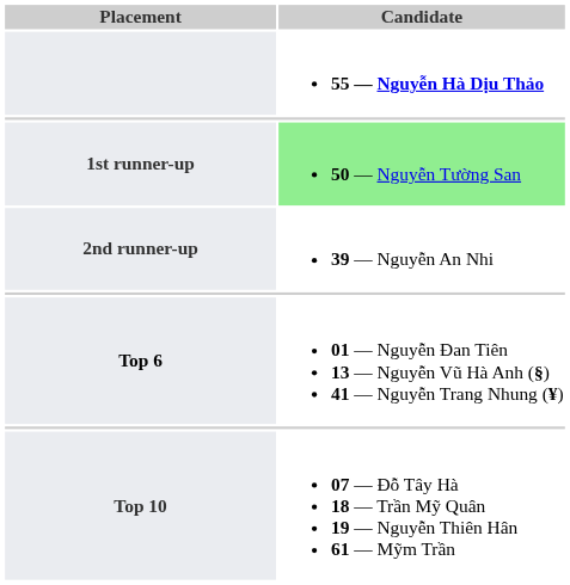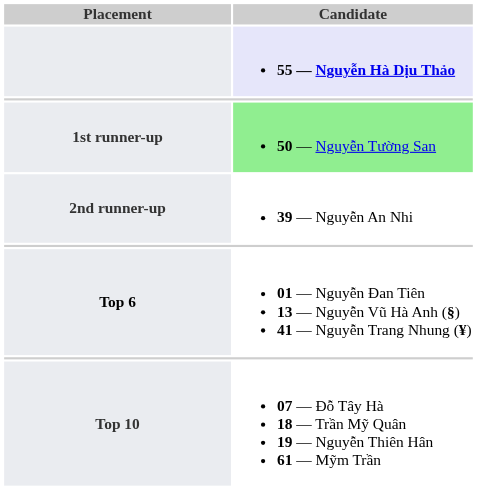 <table class="toccolours" style="font-size: 90%">
 <tr>
 <th width=210px style = "background: #CECECE; color: #333333; text-align:center ">Placement</th>
 <th style = "background: #CECECE; color: #333333; text-align:center">Candidate</th>
 </tr>
 <tr>
 <th style = "background: #eaecf0; color:#333333; text-align:center"></th>
-<td><br><ul><li><strong>55 — <a href='#'>Nguyễn Hà Dịu Thảo</a></strong></li></ul></td>
+<td style="background: lavender;"><br><ul><li><strong>55 — <a href='#'>Nguyễn Hà Dịu Thảo</a></strong></li></ul></td>
 </tr>
 <tr>
 <td colspan="2" style="background:#CECECE"></td>
 </tr>
 <tr>
 <th style = "background: #eaecf0; color:#333333; text-align:center">1st runner-up</th>
 <td style="background: lightgreen;"><br><ul><li><strong>50</strong> — <a href='#'>Nguyễn Tường San</a></li></ul></td>
 </tr>
 <tr>
 <th style = "background: #eaecf0; color:#333333; text-align:center">2nd runner-up</th>
 <td><br><ul><li><strong>39</strong> — Nguyễn An Nhi</li></ul></td>
 </tr>
 <tr>
 <td colspan="2" style="background:#CECECE"></td>
 </tr>
 <tr>
 <th style="background: #eaecf0; color:#3333333; text-align: center">Top 6</th>
 <td><br><ul><li><strong>01</strong> — Nguyễn Đan Tiên</li><li><strong>13</strong> — Nguyễn Vũ Hà Anh (<strong>§</strong>)</li><li><strong>41</strong> — Nguyễn Trang Nhung (<strong>¥</strong>)</li></ul></td>
 </tr>
 <tr>
 <td colspan="2" style="background:#CECECE"></td>
 </tr>
 <tr>
 <th style = "background: #eaecf0; color:#333333; text-align:center">Top 10</th>
 <td><br><ul><li><strong>07</strong> — Đỗ Tây Hà</li><li><strong>18</strong> — Trần Mỹ Quân</li><li><strong>19</strong> — Nguyễn Thiên Hân</li><li><strong>61</strong> — Mỹm Trần</li></ul></td>
 </tr>
 </table>
